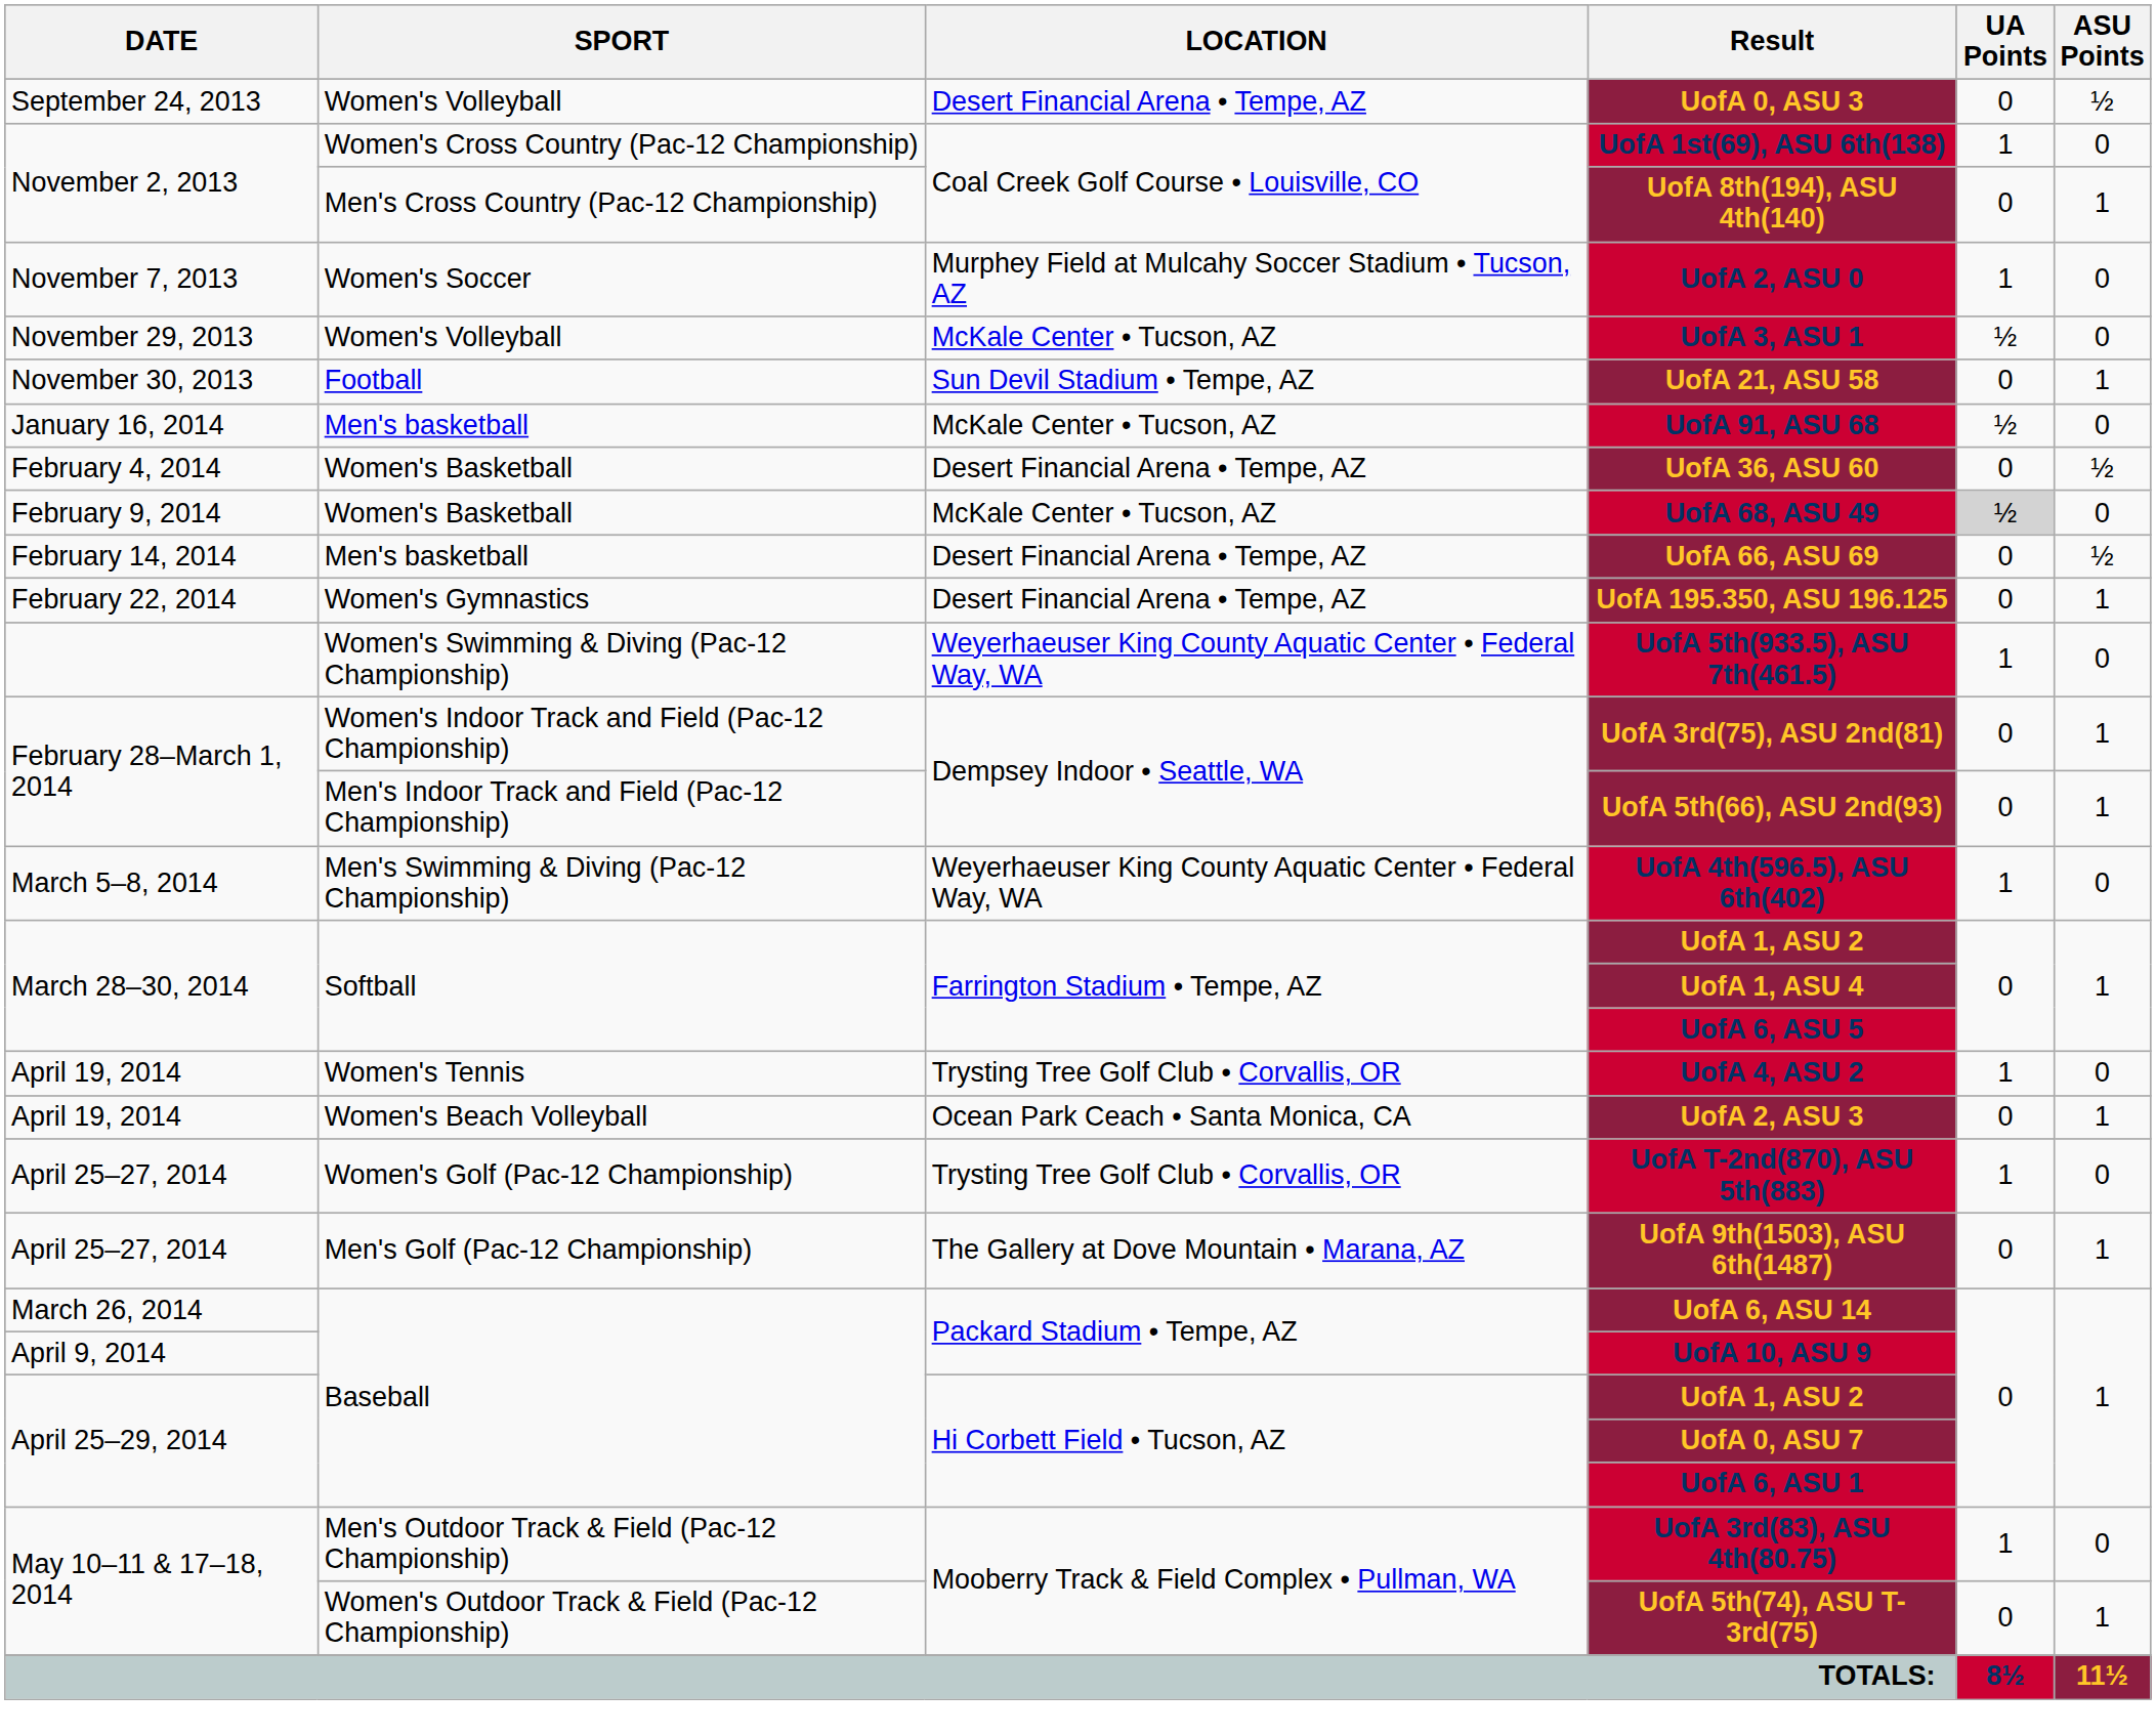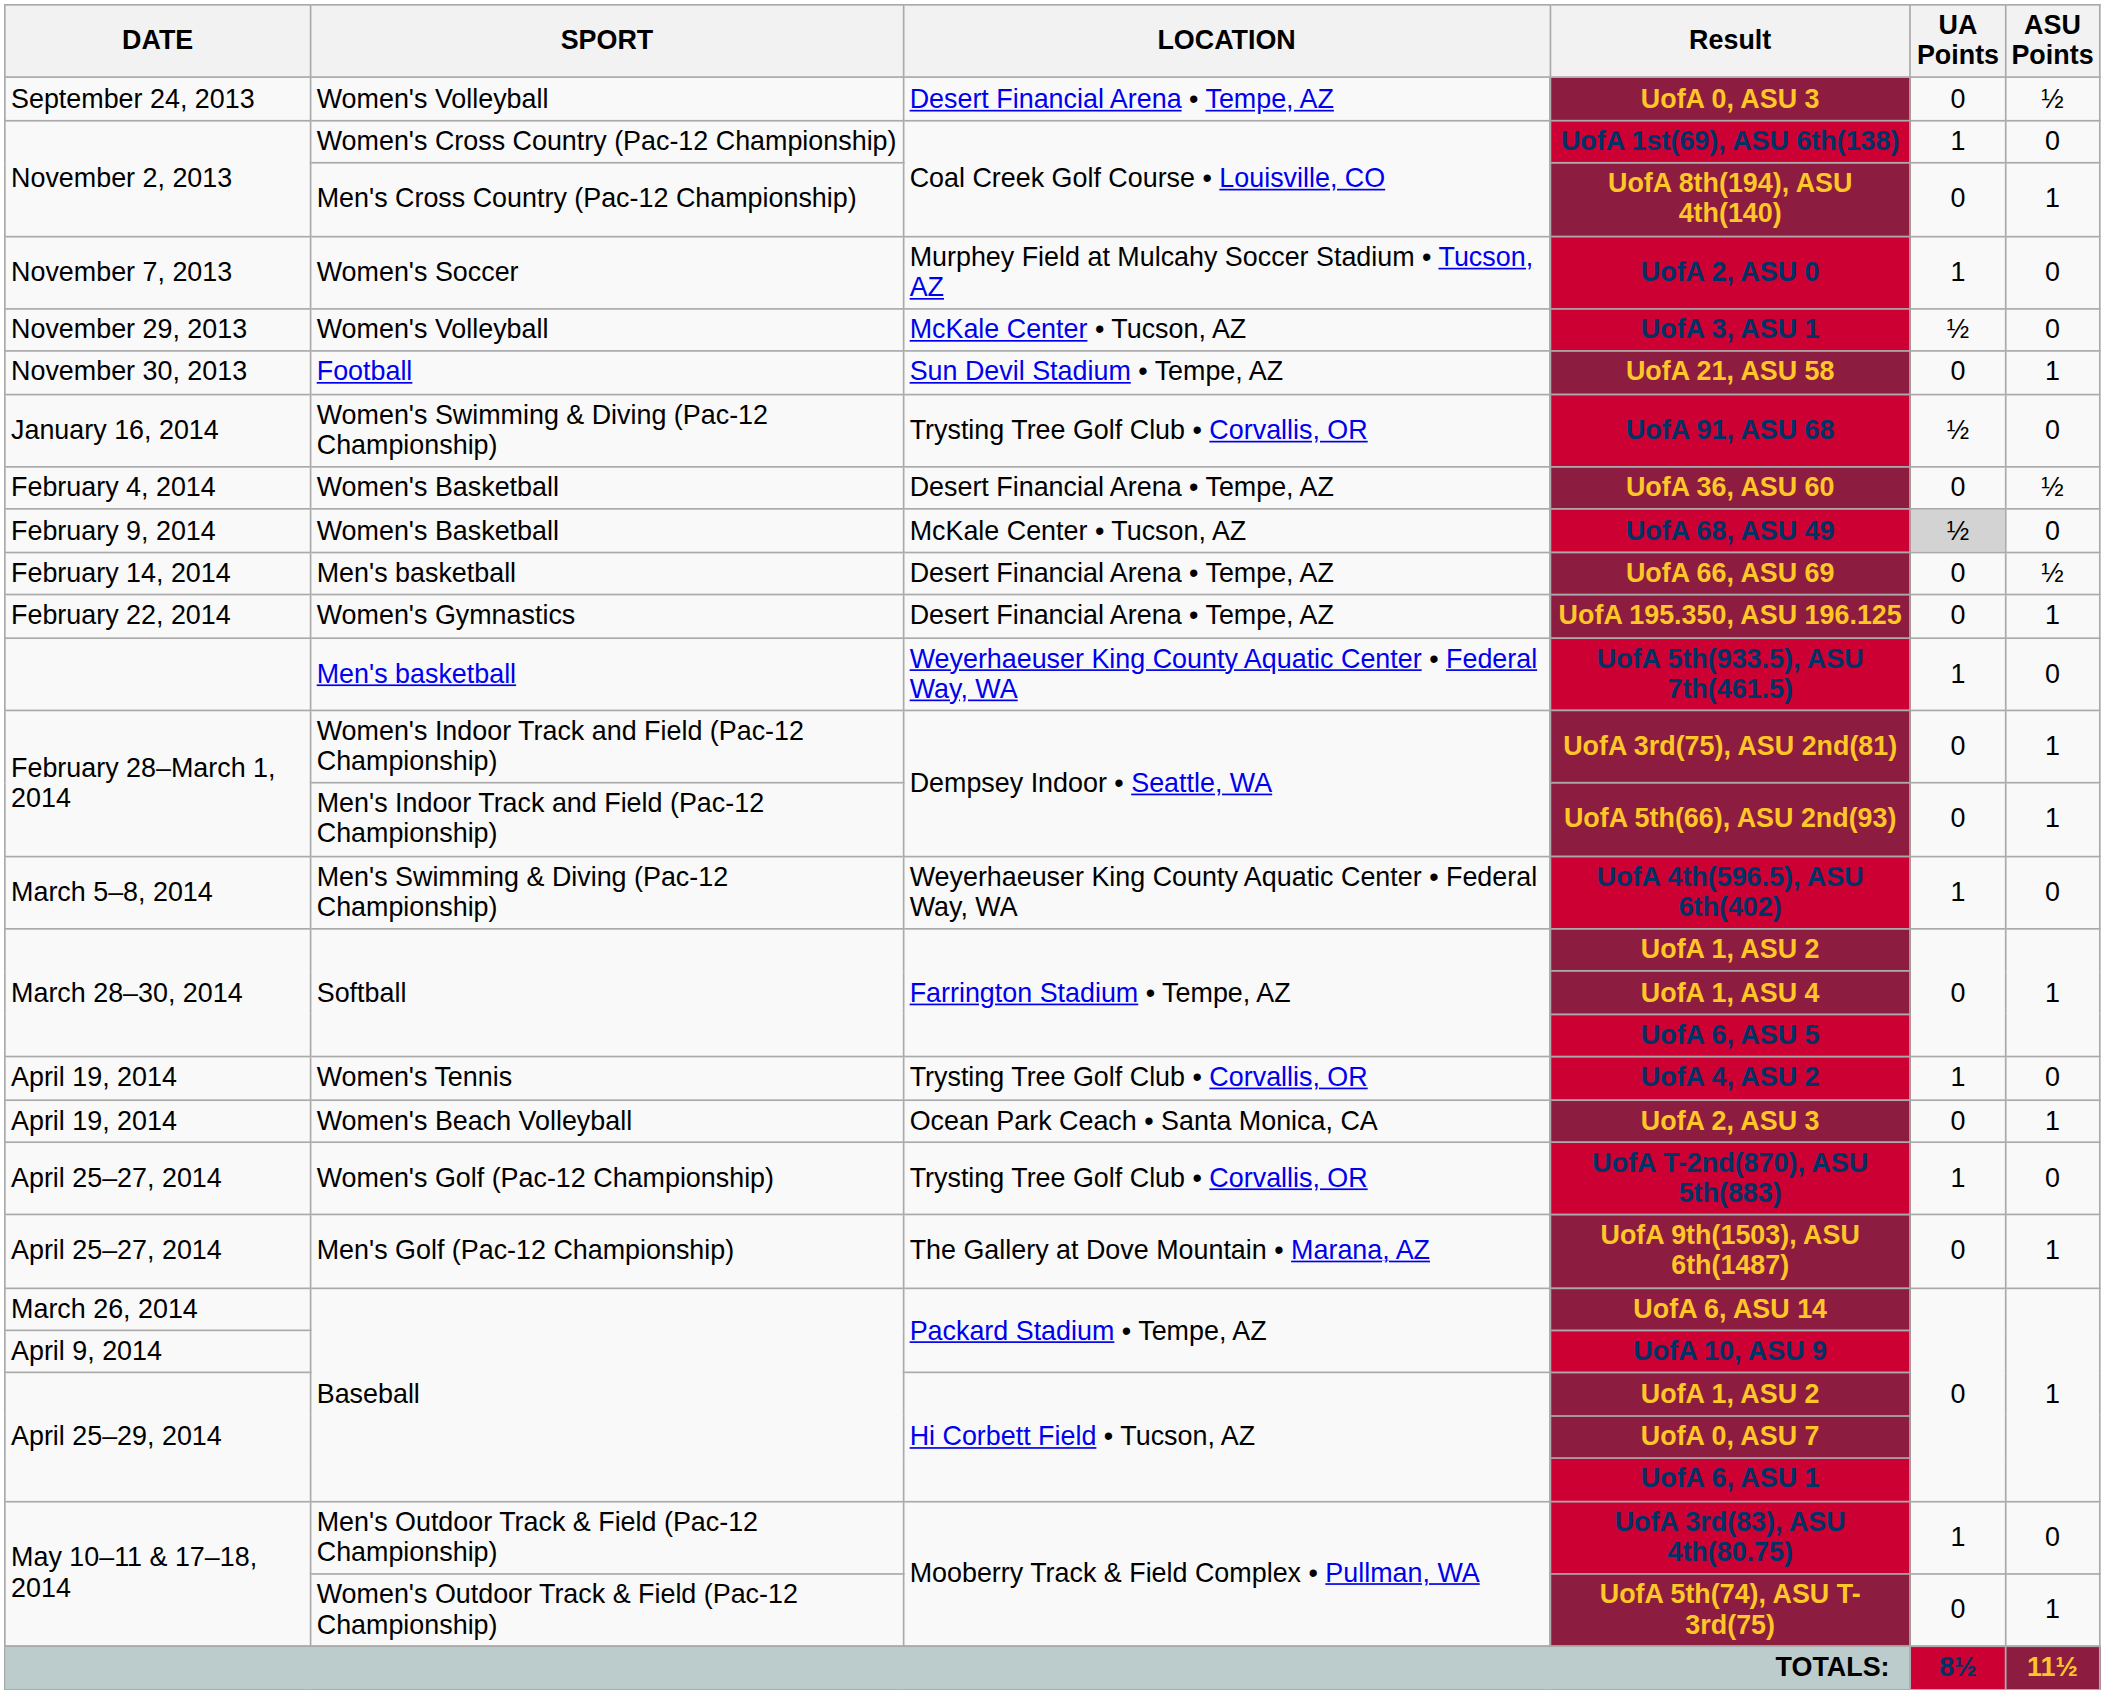 <table class=wikitable>
 <tr>
 <th>DATE</th>
 <th>SPORT</th>
 <th>LOCATION</th>
 <th>Result</th>
 <th>UA<br>Points</th>
 <th>ASU<br>Points</th>
 </tr>
 <tr>
 <td>September 24, 2013</td>
 <td>Women's Volleyball</td>
 <td><a href='#'>Desert Financial Arena</a> • <a href='#'>Tempe, AZ</a></td>
 <th style="background:#8C1D40; color:#FFC627;">UofA 0, ASU 3</th>
 <td align="center">0</td>
 <td align="center">½</td>
 </tr>
 <tr>
 <td rowspan=2>November 2, 2013</td>
 <td>Women's Cross Country (Pac-12 Championship)</td>
 <td rowspan=2>Coal Creek Golf Course • <a href='#'>Louisville, CO</a></td>
 <th style="background:#CC0033; color:#003366;">UofA 1st(69), ASU 6th(138)</th>
 <td align="center">1</td>
 <td align="center">0</td>
 </tr>
 <tr>
 <td>Men's Cross Country (Pac-12 Championship)</td>
 <th style="background:#8C1D40; color:#FFC627;">UofA 8th(194), ASU 4th(140)</th>
 <td align="center">0</td>
 <td align="center">1</td>
 </tr>
 <tr>
 <td>November 7, 2013</td>
 <td>Women's Soccer</td>
 <td>Murphey Field at Mulcahy Soccer Stadium • <a href='#'>Tucson, AZ</a></td>
 <th style="background:#CC0033; color:#003366;">UofA 2, ASU 0</th>
 <td align="center">1</td>
 <td align="center">0</td>
 </tr>
 <tr>
 <td>November 29, 2013</td>
 <td>Women's Volleyball</td>
 <td><a href='#'>McKale Center</a> • Tucson, AZ</td>
 <th style="background:#CC0033; color:#003366;">UofA 3, ASU 1</th>
 <td align="center">½</td>
 <td align="center">0</td>
 </tr>
 <tr>
 <td>November 30, 2013</td>
 <td><a href='#'>Football</a></td>
 <td><a href='#'>Sun Devil Stadium</a> • Tempe, AZ</td>
 <th style="background:#8C1D40; color:#FFC627;">UofA 21, ASU 58</th>
 <td align="center">0</td>
 <td align="center">1</td>
 </tr>
 <tr>
 <td>January 16, 2014</td>
-<td><a href='#'>Men's basketball</a></td>
-<td>McKale Center • Tucson, AZ</td>
+<td>Women's Swimming & Diving (Pac-12 Championship)</td>
+<td>Trysting Tree Golf Club • <a href='#'>Corvallis, OR</a></td>
 <th style="background:#CC0033; color:#003366;">UofA 91, ASU 68</th>
 <td align="center">½</td>
 <td align="center">0</td>
 </tr>
 <tr>
 <td>February 4, 2014</td>
 <td>Women's Basketball</td>
 <td>Desert Financial Arena • Tempe, AZ</td>
 <th style="background:#8C1D40; color:#FFC627;">UofA 36, ASU 60</th>
 <td align="center">0</td>
 <td align="center">½</td>
 </tr>
 <tr>
 <td>February 9, 2014</td>
 <td>Women's Basketball</td>
 <td>McKale Center • Tucson, AZ</td>
 <th style="background:#CC0033; color:#003366;">UofA 68, ASU 49</th>
 <td align="center" style="background: lightgrey;">½</td>
 <td align="center">0</td>
 </tr>
 <tr>
 <td>February 14, 2014</td>
 <td>Men's basketball</td>
 <td>Desert Financial Arena • Tempe, AZ</td>
 <th style="background:#8C1D40; color:#FFC627;">UofA 66, ASU 69</th>
 <td align="center">0</td>
 <td align="center">½</td>
 </tr>
 <tr>
 <td>February 22, 2014</td>
 <td>Women's Gymnastics</td>
 <td>Desert Financial Arena • Tempe, AZ</td>
 <th style="background:#8C1D40; color:#FFC627;">UofA 195.350, ASU 196.125</th>
 <td align="center">0</td>
 <td align="center">1</td>
 </tr>
 <tr>
 <td></td>
-<td>Women's Swimming & Diving (Pac-12 Championship)</td>
+<td><a href='#'>Men's basketball</a></td>
 <td><a href='#'>Weyerhaeuser King County Aquatic Center</a> • <a href='#'>Federal Way, WA</a></td>
 <th style="background:#CC0033; color:#003366;">UofA 5th(933.5), ASU 7th(461.5)</th>
 <td align="center">1</td>
 <td align="center">0</td>
 </tr>
 <tr>
 <td rowspan=2>February 28–March 1, 2014</td>
 <td>Women's Indoor Track and Field (Pac-12 Championship)</td>
 <td rowspan=2>Dempsey Indoor • <a href='#'>Seattle, WA</a></td>
 <th style="background:#8C1D40; color:#FFC627;">UofA 3rd(75), ASU 2nd(81)</th>
 <td align="center">0</td>
 <td align="center">1</td>
 </tr>
 <tr>
 <td>Men's Indoor Track and Field (Pac-12 Championship)</td>
 <th style="background:#8C1D40; color:#FFC627;">UofA 5th(66), ASU 2nd(93)</th>
 <td align="center">0</td>
 <td align="center">1</td>
 </tr>
 <tr>
 <td>March 5–8, 2014</td>
 <td>Men's Swimming & Diving (Pac-12 Championship)</td>
 <td>Weyerhaeuser King County Aquatic Center • Federal Way, WA</td>
 <th style="background:#CC0033; color:#003366;">UofA 4th(596.5), ASU 6th(402)</th>
 <td align="center">1</td>
 <td align="center">0</td>
 </tr>
 <tr>
 <td rowspan="3">March 28–30, 2014</td>
 <td rowspan="3">Softball</td>
 <td rowspan="3"><a href='#'>Farrington Stadium</a> • Tempe, AZ</td>
 <th style="background:#8C1D40; color:#FFC627;">UofA 1, ASU 2</th>
 <td rowspan="3" align="center">0</td>
 <td rowspan="3" align="center">1</td>
 </tr>
 <tr>
 <th style="background:#8C1D40; color:#FFC627;">UofA 1, ASU 4</th>
 </tr>
 <tr>
 <th style="background:#CC0033; color:#003366;">UofA 6, ASU 5</th>
 </tr>
 <tr>
 <td>April 19, 2014</td>
 <td>Women's Tennis</td>
 <td>Trysting Tree Golf Club • <a href='#'>Corvallis, OR</a></td>
 <th style="background:#CC0033; color:#003366;">UofA 4, ASU 2</th>
 <td align="center">1</td>
 <td align="center">0</td>
 </tr>
 <tr>
 <td>April 19, 2014</td>
 <td>Women's Beach Volleyball</td>
 <td>Ocean Park Ceach • Santa Monica, CA</td>
 <th style="background:#8C1D40; color:#FFC627;">UofA 2, ASU 3</th>
 <td align="center">0</td>
 <td align="center">1</td>
 </tr>
 <tr>
 <td>April 25–27, 2014</td>
 <td>Women's Golf (Pac-12 Championship)</td>
 <td>Trysting Tree Golf Club • <a href='#'>Corvallis, OR</a></td>
 <th style="background:#CC0033; color:#003366;">UofA T-2nd(870), ASU 5th(883)</th>
 <td align="center">1</td>
 <td align="center">0</td>
 </tr>
 <tr>
 <td>April 25–27, 2014</td>
 <td>Men's Golf (Pac-12 Championship)</td>
 <td>The Gallery at Dove Mountain • <a href='#'>Marana, AZ</a></td>
 <th style="background:#8C1D40; color:#FFC627;">UofA 9th(1503), ASU 6th(1487)</th>
 <td align="center">0</td>
 <td align="center">1</td>
 </tr>
 <tr>
 <td>March 26, 2014</td>
 <td rowspan="5">Baseball</td>
 <td rowspan="2"><a href='#'>Packard Stadium</a> • Tempe, AZ</td>
 <th style="background:#8C1D40; color:#FFC627;">UofA 6, ASU 14</th>
 <td rowspan="5" align="center">0</td>
 <td rowspan="5" align="center">1</td>
 </tr>
 <tr>
 <td>April 9, 2014</td>
 <th style="background:#CC0033; color:#003366;">UofA 10, ASU 9</th>
 </tr>
 <tr>
 <td rowspan="3">April 25–29, 2014</td>
 <td rowspan="3"><a href='#'>Hi Corbett Field</a> • Tucson, AZ</td>
 <th style="background:#8C1D40; color:#FFC627;">UofA 1, ASU 2</th>
 </tr>
 <tr>
 <th style="background:#8C1D40; color:#FFC627;">UofA 0, ASU 7</th>
 </tr>
 <tr>
 <th style="background:#CC0033; color:#003366;">UofA 6, ASU 1</th>
 </tr>
 <tr>
 <td rowspan=2>May 10–11 & 17–18, 2014</td>
 <td>Men's Outdoor Track & Field (Pac-12 Championship)</td>
 <td rowspan=2>Mooberry Track & Field Complex • <a href='#'>Pullman, WA</a></td>
 <th style="background:#CC0033; color:#003366;">UofA 3rd(83), ASU 4th(80.75)</th>
 <td align="center">1</td>
 <td align="center">0</td>
 </tr>
 <tr>
 <td>Women's Outdoor Track & Field (Pac-12 Championship)</td>
 <th style="background:#8C1D40; color:#FFC627;">UofA 5th(74), ASU T-3rd(75)</th>
 <td align="center">0</td>
 <td align="center">1</td>
 </tr>
 <tr>
 </tr>
 <tr style="background:#bccccc;">
 <td colspan="4" style="text-align:right;"><strong>TOTALS:</strong>  </td>
 <th style="background:#CC0033; color:#003366;">8½</th>
 <th style="background:#8C1D40; color:#FFC627;">11½</th>
 </tr>
 </table>
